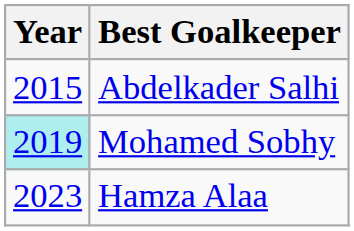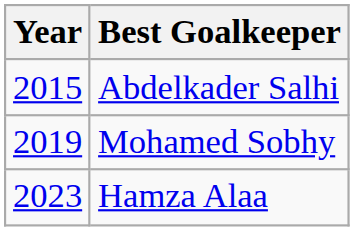 <table class=wikitable>
 <tr>
 <th>Year</th>
 <th>Best Goalkeeper</th>
 </tr>
 <tr>
 <td><a href='#'>2015</a></td>
 <td> <a href='#'>Abdelkader Salhi</a></td>
 </tr>
 <tr>
-<td style="background: paleturquoise;"><a href='#'>2019</a></td>
+<td><a href='#'>2019</a></td>
 <td> <a href='#'>Mohamed Sobhy</a></td>
 </tr>
 <tr>
 <td><a href='#'>2023</a></td>
 <td> <a href='#'>Hamza Alaa</a></td>
 </tr>
 </table>
